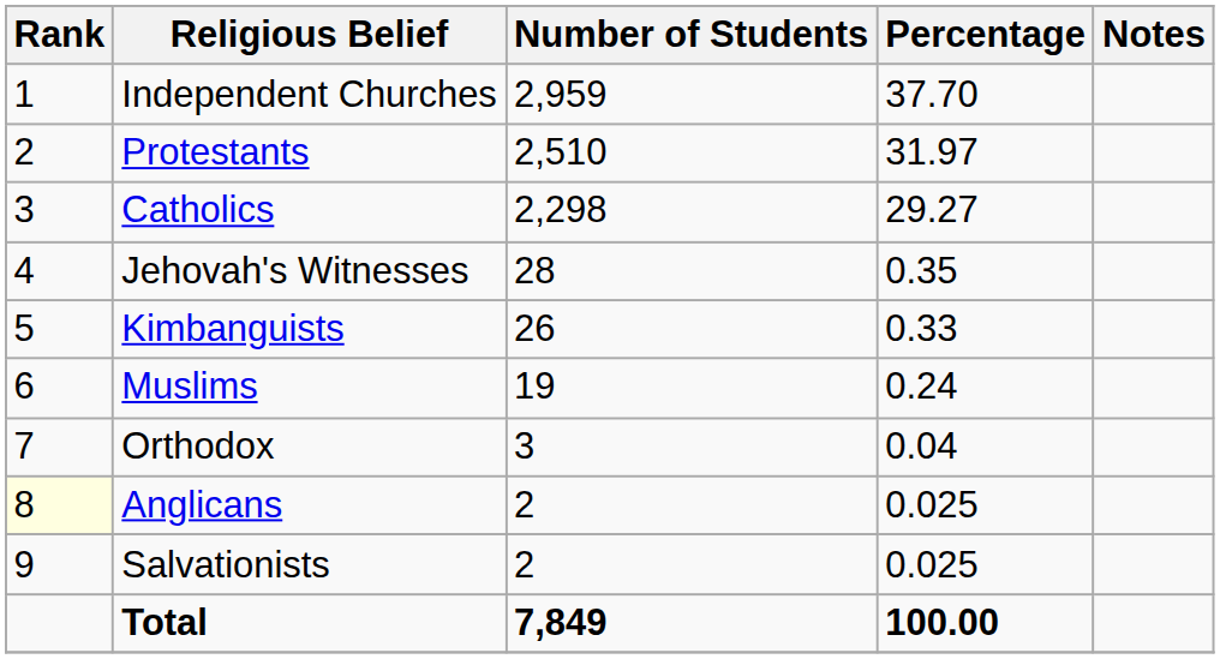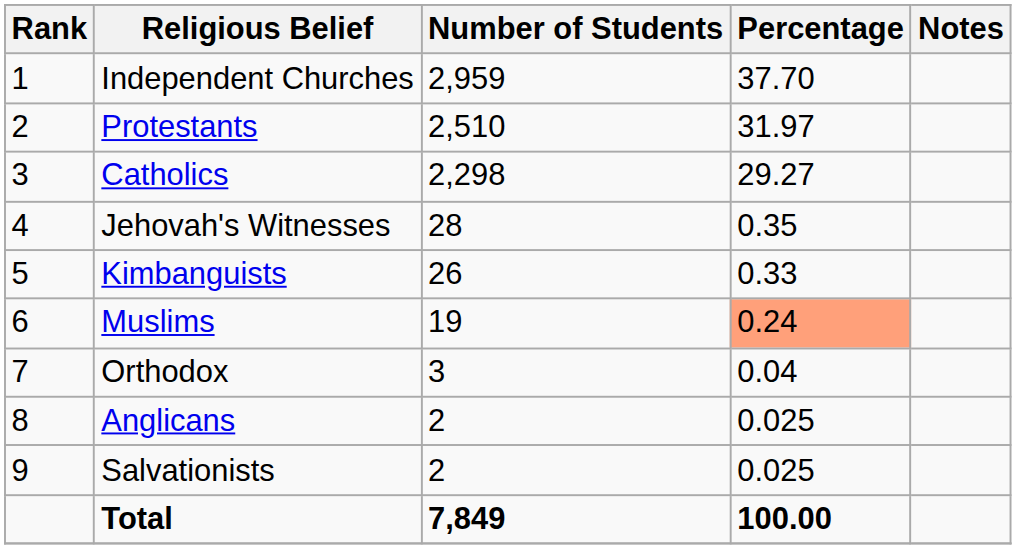 <table class="wikitable sortable" style="margin: 0.5em auto">
 <tr>
 <th>Rank</th>
 <th>Religious Belief</th>
 <th>Number of Students</th>
 <th>Percentage</th>
 <th>Notes</th>
 </tr>
 <tr>
 <td>1</td>
 <td>Independent Churches</td>
 <td>2,959</td>
 <td>37.70</td>
 <td></td>
 </tr>
 <tr>
 <td>2</td>
 <td><a href='#'>Protestants</a></td>
 <td>2,510</td>
 <td>31.97</td>
 <td></td>
 </tr>
 <tr>
 <td>3</td>
 <td><a href='#'>Catholics</a></td>
 <td>2,298</td>
 <td>29.27</td>
 <td></td>
 </tr>
 <tr>
 <td>4</td>
 <td>Jehovah's Witnesses</td>
 <td>28</td>
 <td>0.35</td>
 <td></td>
 </tr>
 <tr>
 <td>5</td>
 <td><a href='#'>Kimbanguists</a></td>
 <td>26</td>
 <td>0.33</td>
 <td></td>
 </tr>
 <tr>
 <td>6</td>
 <td><a href='#'>Muslims</a></td>
 <td>19</td>
-<td>0.24</td>
+<td style="background: lightsalmon;">0.24</td>
 <td></td>
 </tr>
 <tr>
 <td>7</td>
 <td>Orthodox</td>
 <td>3</td>
 <td>0.04</td>
 <td></td>
 </tr>
 <tr>
-<td style="background: lightyellow;">8</td>
+<td>8</td>
 <td><a href='#'>Anglicans</a></td>
 <td>2</td>
 <td>0.025</td>
 <td></td>
 </tr>
 <tr>
 <td>9</td>
 <td>Salvationists</td>
 <td>2</td>
 <td>0.025</td>
 <td></td>
 </tr>
 <tr>
 <td></td>
 <td><strong>Total</strong></td>
 <td><strong>7,849</strong></td>
 <td><strong>100.00</strong></td>
 <td></td>
 </tr>
 <tr>
 </tr>
 </table>
